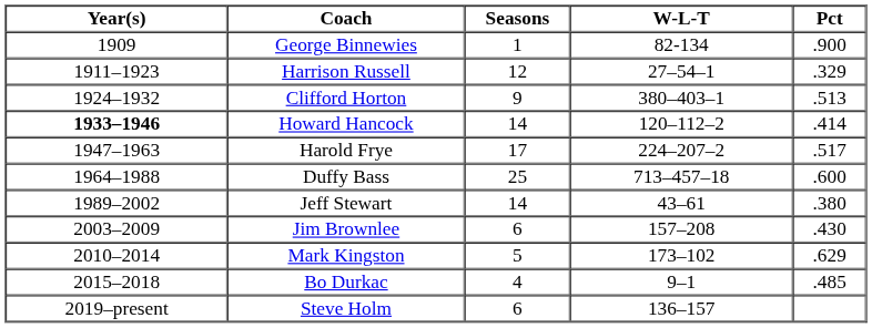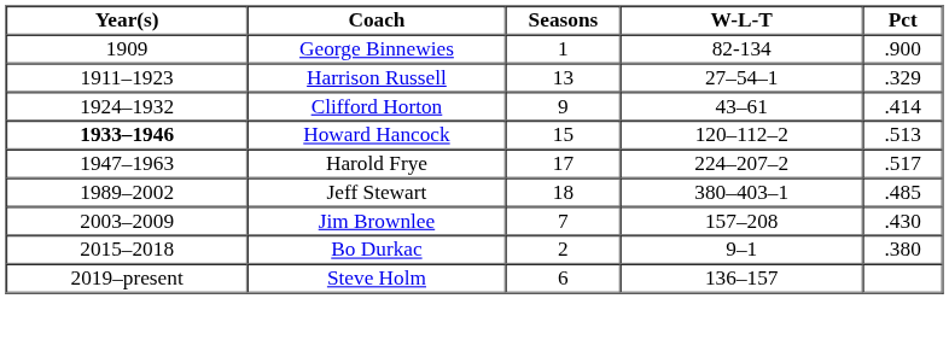 <table cellpadding="1" border="1" cellspacing="0" width="57%" style="text-align:center;">
 <tr>
 <th width="15%">Year(s)</th>
 <th width="16%">Coach</th>
 <th width="6%">Seasons</th>
 <th width="15%">W-L-T</th>
 <th width="5%">Pct</th>
 </tr>
 <tr>
 <td>1909</td>
 <td><a href='#'>George Binnewies</a></td>
 <td>1</td>
 <td>82-134</td>
 <td>.900</td>
 </tr>
 <tr align="center">
 <td>1911–1923</td>
 <td><a href='#'>Harrison Russell</a></td>
-<td>12</td>
+<td>13</td>
 <td>27–54–1</td>
 <td>.329</td>
 </tr>
 <tr align="center">
 <td>1924–1932</td>
 <td><a href='#'>Clifford Horton</a></td>
 <td>9</td>
-<td>380–403–1</td>
-<td>.513</td>
+<td>43–61</td>
+<td>.414</td>
 </tr>
 <tr align="center">
 <td><strong>1933–1946</strong></td>
 <td><a href='#'>Howard Hancock</a></td>
-<td>14</td>
+<td>15</td>
 <td>120–112–2</td>
-<td>.414</td>
+<td>.513</td>
 </tr>
 <tr align="center">
 <td>1947–1963</td>
 <td>Harold Frye</td>
 <td>17</td>
 <td>224–207–2</td>
 <td>.517</td>
 </tr>
 <tr align="center">
-<td>1964–1988</td>
-<td>Duffy Bass</td>
-<td>25</td>
-<td>713–457–18</td>
-<td>.600</td>
-</tr>
-<tr align="center">
 <td>1989–2002</td>
 <td>Jeff Stewart</td>
-<td>14</td>
-<td>43–61</td>
-<td>.380</td>
+<td>18</td>
+<td>380–403–1</td>
+<td>.485</td>
 </tr>
 <tr align="center">
 <td>2003–2009</td>
 <td><a href='#'>Jim Brownlee</a></td>
-<td>6</td>
+<td>7</td>
 <td>157–208</td>
 <td>.430</td>
 </tr>
 <tr align="center">
-<td>2010–2014</td>
-<td><a href='#'>Mark Kingston</a></td>
-<td>5</td>
-<td>173–102</td>
-<td>.629</td>
-</tr>
-<tr align="center">
 <td>2015–2018</td>
 <td><a href='#'>Bo Durkac</a></td>
-<td>4</td>
+<td>2</td>
 <td>9–1</td>
-<td>.485</td>
+<td>.380</td>
 </tr>
 <tr align="center">
 <td>2019–present</td>
 <td><a href='#'>Steve Holm</a></td>
 <td>6</td>
 <td>136–157</td>
 <td></td>
 </tr>
 <tr align="center" class="sortbottom">
 </tr>
 </table>
